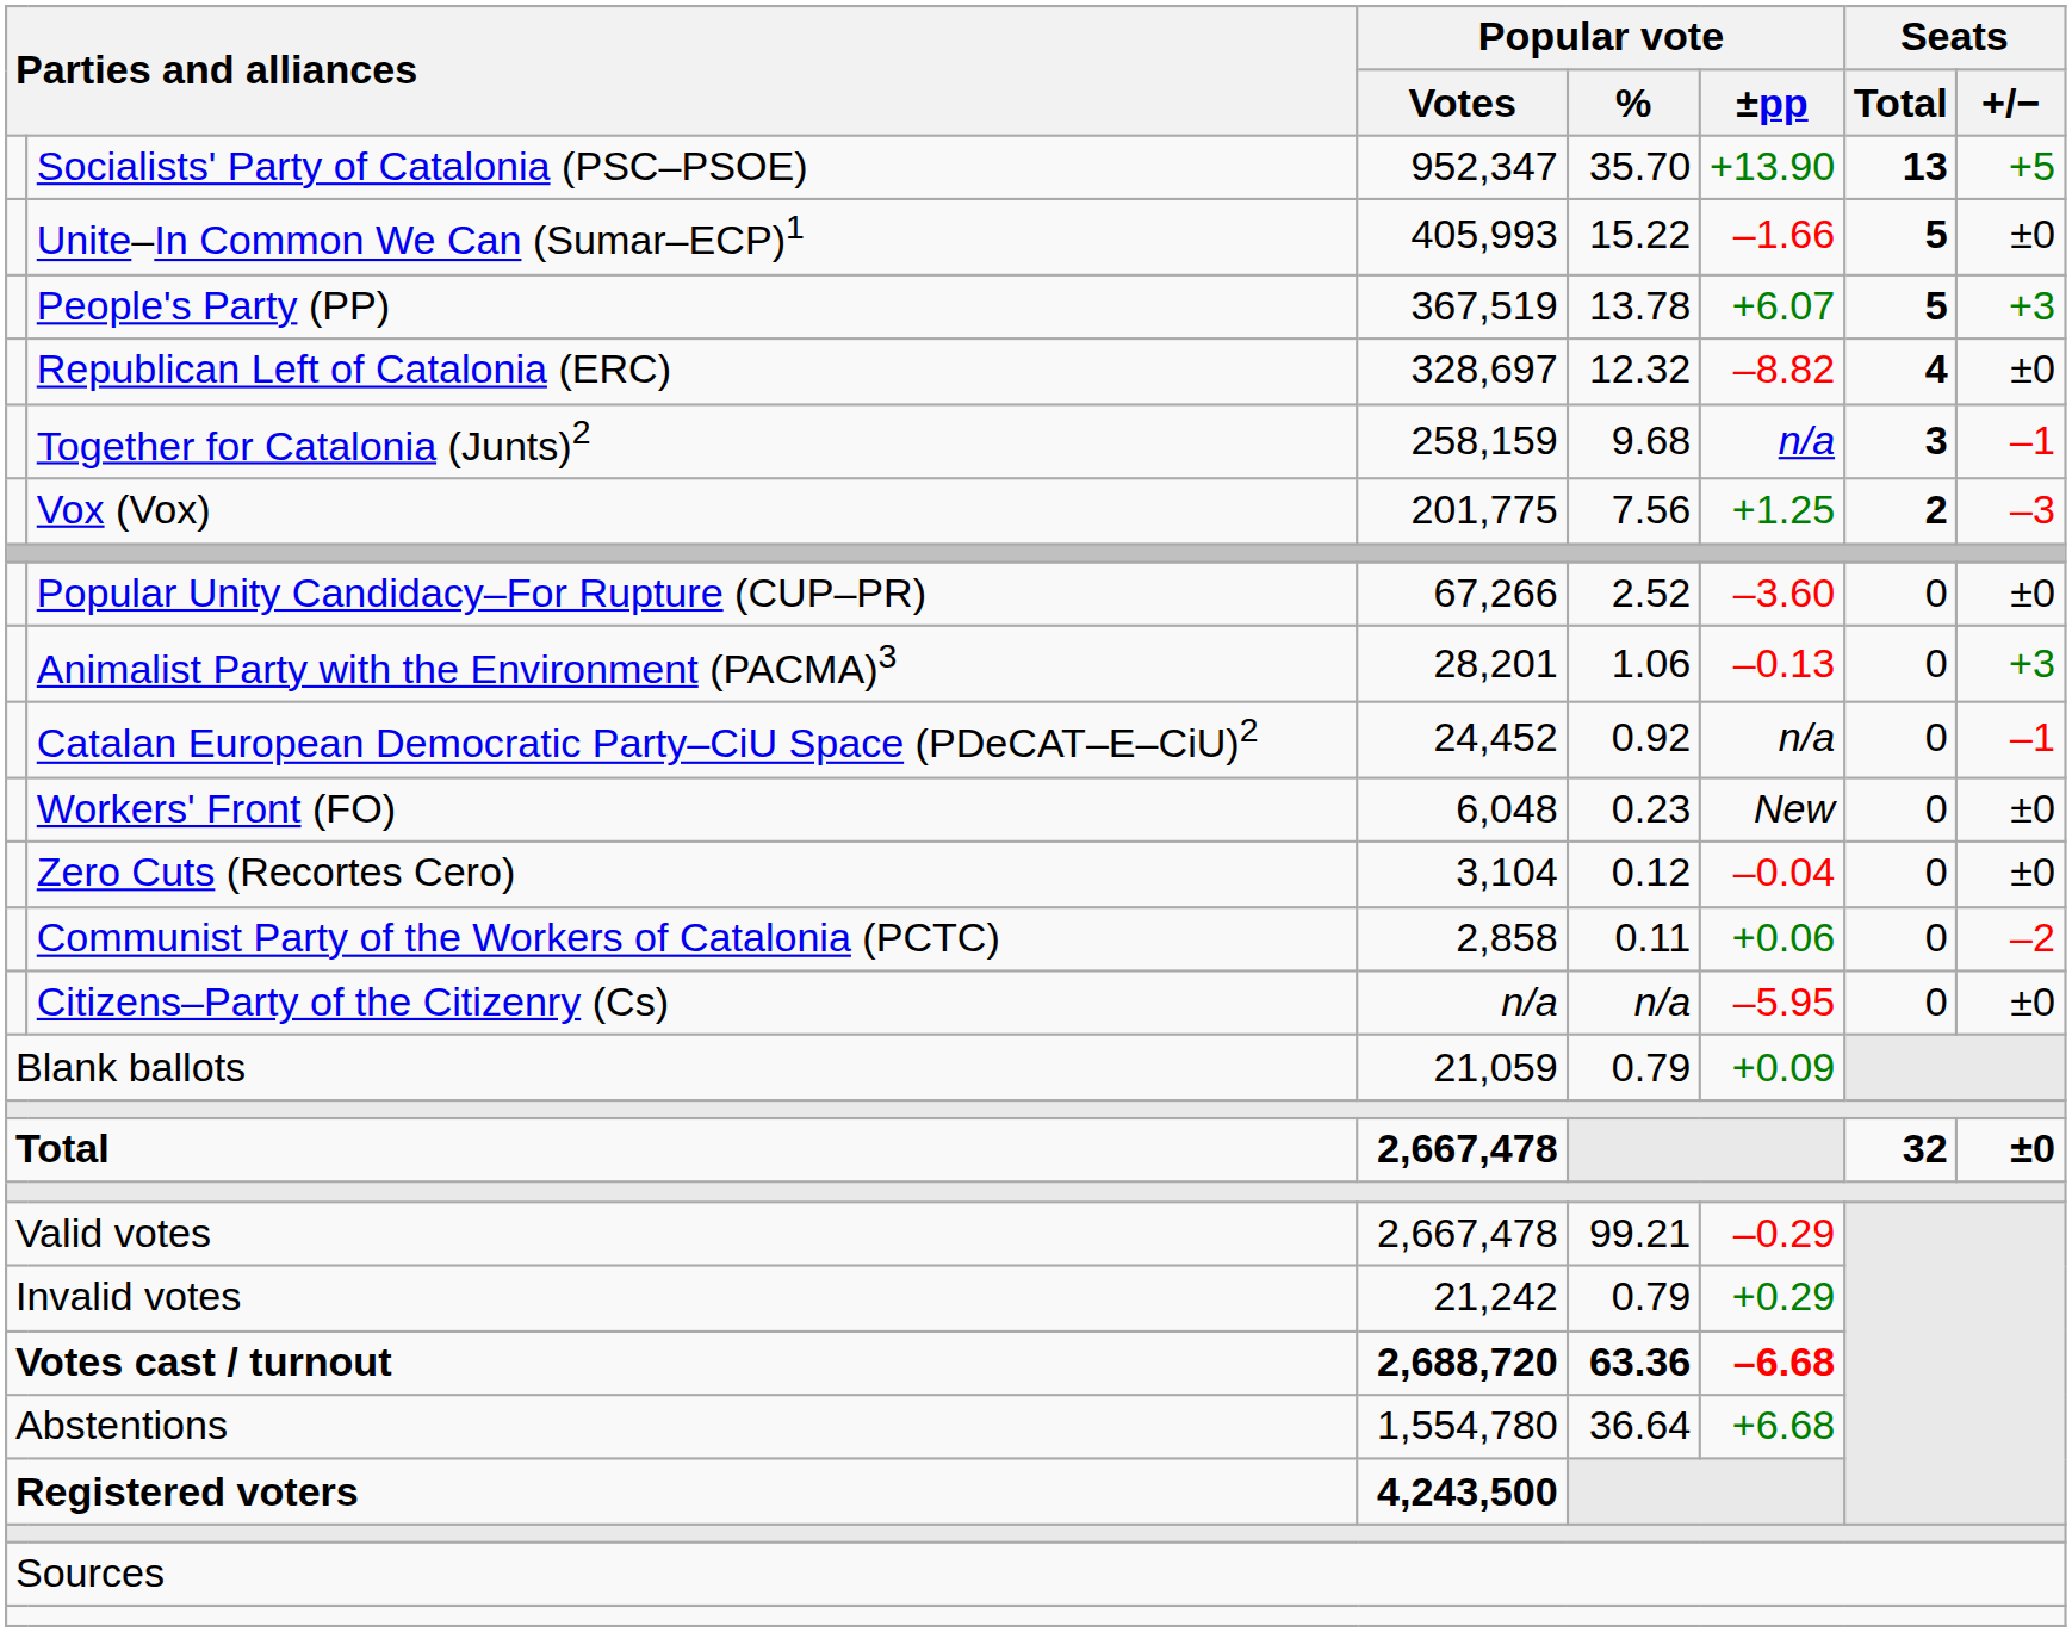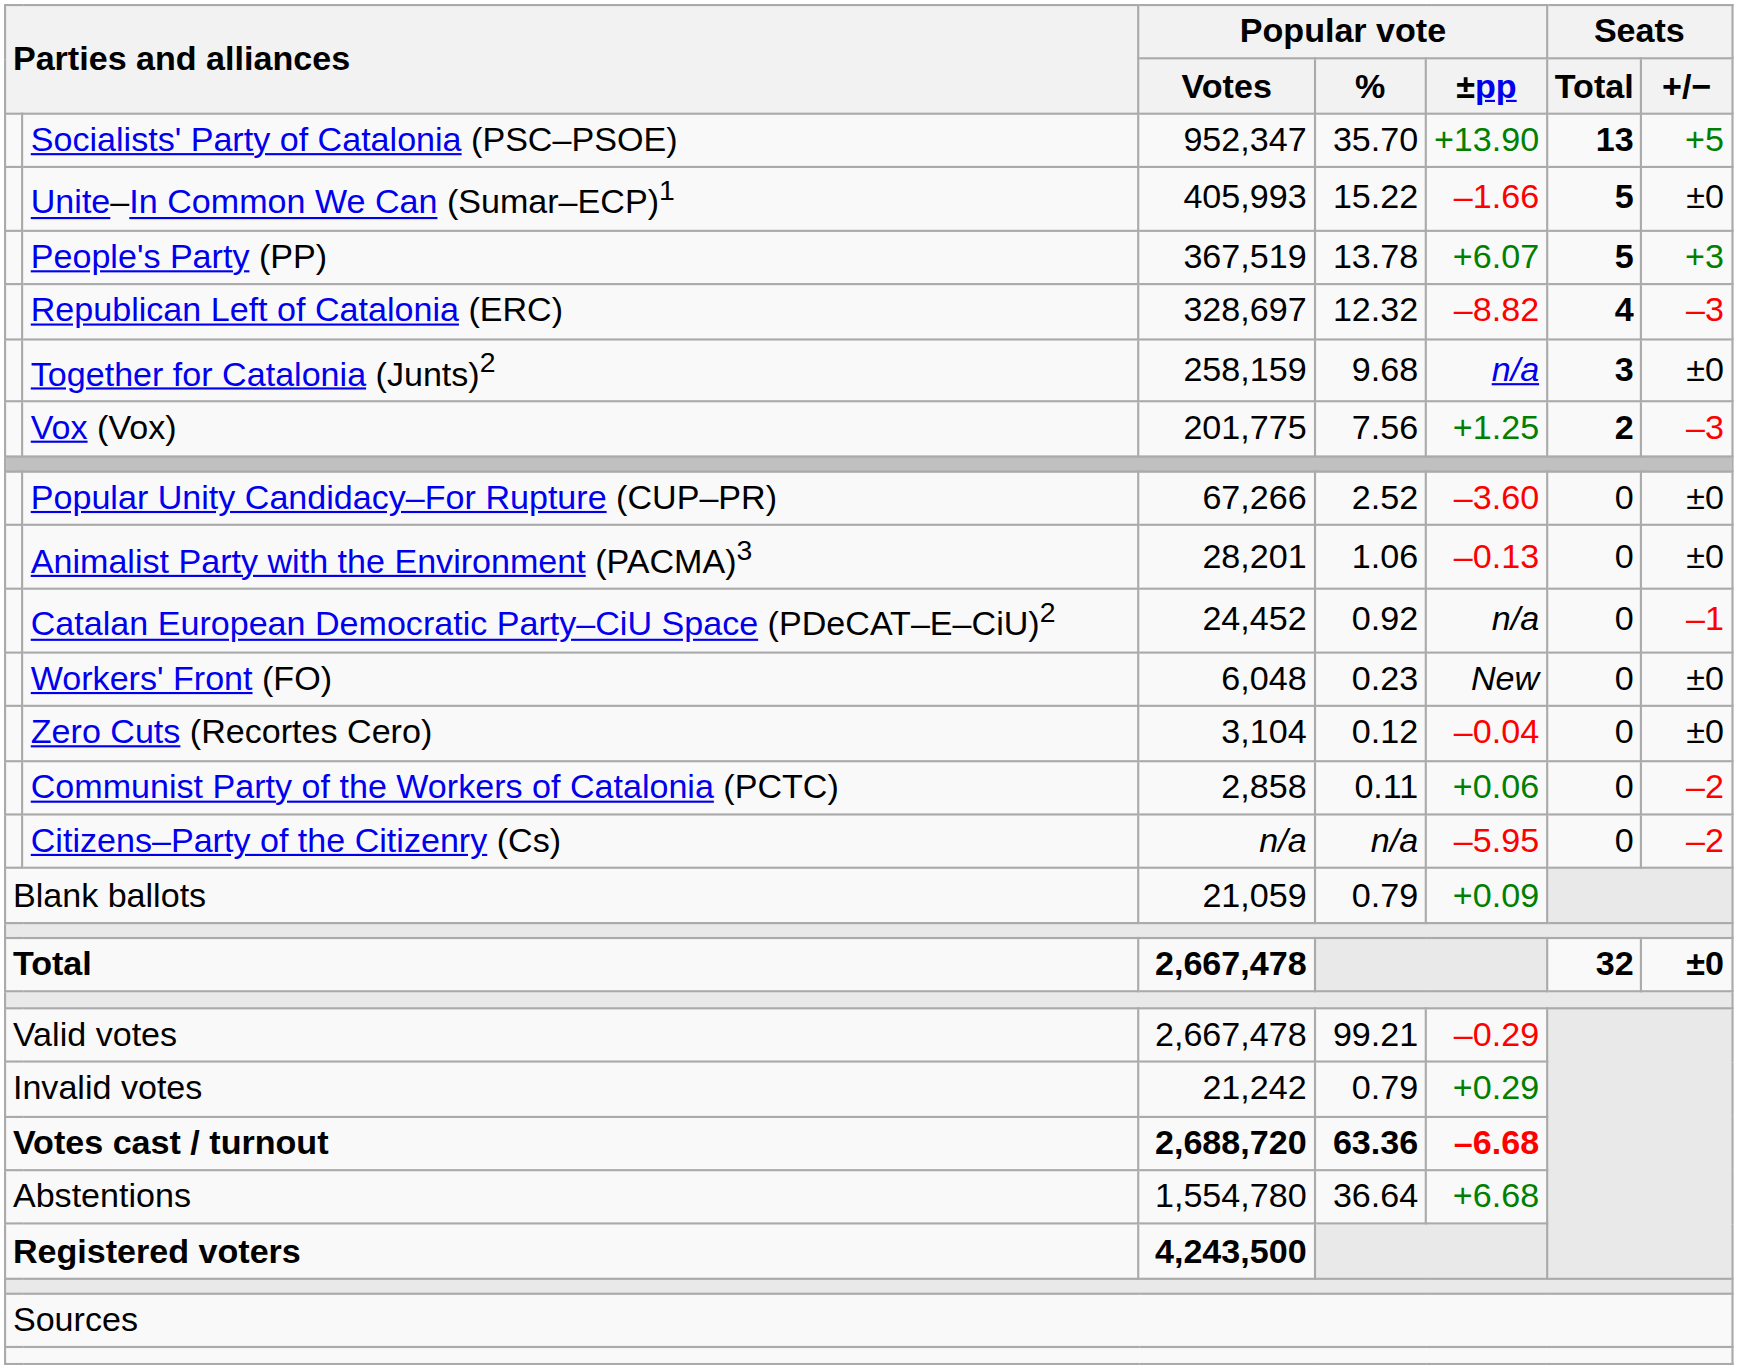 <table class="wikitable" style="text-align:right;">
 <tr>
 <th style="text-align:left;" rowspan="2" colspan="2" width="525">Parties and alliances</th>
 <th colspan="3">Popular vote</th>
 <th colspan="2">Seats</th>
 </tr>
 <tr>
 <th width="75">Votes</th>
 <th width="45">%</th>
 <th width="45">±<a href='#'>pp</a></th>
 <th width="35">Total</th>
 <th width="35">+/−</th>
 </tr>
 <tr>
 <td width="1" style="color:inherit;background:"></td>
 <td align="left"><a href='#'>Socialists' Party of Catalonia</a> (PSC–PSOE)</td>
 <td>952,347</td>
 <td>35.70</td>
 <td style="color:green;">+13.90</td>
 <td><strong>13</strong></td>
 <td style="color:green;">+5</td>
 </tr>
 <tr>
 <td style="color:inherit;background:"></td>
 <td align="left"><a href='#'>Unite</a>–<a href='#'>In Common We Can</a> (Sumar–ECP)<sup>1</sup></td>
 <td>405,993</td>
 <td>15.22</td>
 <td style="color:red;">–1.66</td>
 <td><strong>5</strong></td>
 <td>±0</td>
 </tr>
 <tr>
 <td style="color:inherit;background:"></td>
 <td align="left"><a href='#'>People's Party</a> (PP)</td>
 <td>367,519</td>
 <td>13.78</td>
 <td style="color:green;">+6.07</td>
 <td><strong>5</strong></td>
 <td style="color:green;">+3</td>
 </tr>
 <tr>
 <td style="color:inherit;background:"></td>
 <td align="left"><a href='#'>Republican Left of Catalonia</a> (ERC)</td>
 <td>328,697</td>
 <td>12.32</td>
 <td style="color:red;">–8.82</td>
 <td><strong>4</strong></td>
-<td>±0</td>
+<td style="color:red;">–3</td>
 </tr>
 <tr>
 <td style="color:inherit;background:"></td>
 <td align="left"><a href='#'>Together for Catalonia</a> (Junts)<sup>2</sup></td>
 <td>258,159</td>
 <td>9.68</td>
 <td><em><a href='#'>n/a</a></em></td>
 <td><strong>3</strong></td>
-<td style="color:red;">–1</td>
+<td>±0</td>
 </tr>
 <tr>
 <td style="color:inherit;background:"></td>
 <td align="left"><a href='#'>Vox</a> (Vox)</td>
 <td>201,775</td>
 <td>7.56</td>
 <td style="color:green;">+1.25</td>
 <td><strong>2</strong></td>
 <td style="color:red;">–3</td>
 </tr>
 <tr>
 <td colspan="7" bgcolor="#C0C0C0"></td>
 </tr>
 <tr>
 <td style="color:inherit;background:"></td>
 <td align="left"><a href='#'>Popular Unity Candidacy–For Rupture</a> (CUP–PR)</td>
 <td>67,266</td>
 <td>2.52</td>
 <td style="color:red;">–3.60</td>
 <td>0</td>
 <td>±0</td>
 </tr>
 <tr>
 <td style="color:inherit;background:"></td>
 <td align="left"><a href='#'>Animalist Party with the Environment</a> (PACMA)<sup>3</sup></td>
 <td>28,201</td>
 <td>1.06</td>
 <td style="color:red;">–0.13</td>
 <td>0</td>
-<td style="color:green;">+3</td>
+<td>±0</td>
 </tr>
 <tr>
 <td style="color:inherit;background:"></td>
 <td align="left"><a href='#'>Catalan European Democratic Party–CiU Space</a> (PDeCAT–E–CiU)<sup>2</sup></td>
 <td>24,452</td>
 <td>0.92</td>
 <td><em>n/a</em></td>
 <td>0</td>
 <td style="color:red;">–1</td>
 </tr>
 <tr>
 <td style="color:inherit;background:"></td>
 <td align="left"><a href='#'>Workers' Front</a> (FO)</td>
 <td>6,048</td>
 <td>0.23</td>
 <td><em>New</em></td>
 <td>0</td>
 <td>±0</td>
 </tr>
 <tr>
 <td style="color:inherit;background:"></td>
 <td align="left"><a href='#'>Zero Cuts</a> (Recortes Cero)</td>
 <td>3,104</td>
 <td>0.12</td>
 <td style="color:red;">–0.04</td>
 <td>0</td>
 <td>±0</td>
 </tr>
 <tr>
 <td style="color:inherit;background:"></td>
 <td align="left"><a href='#'>Communist Party of the Workers of Catalonia</a> (PCTC)</td>
 <td>2,858</td>
 <td>0.11</td>
 <td style="color:green;">+0.06</td>
 <td>0</td>
 <td style="color:red;">–2</td>
 </tr>
 <tr>
 <td style="color:inherit;background:"></td>
 <td align="left"><a href='#'>Citizens–Party of the Citizenry</a> (Cs)</td>
 <td><em>n/a</em></td>
 <td><em>n/a</em></td>
 <td style="color:red;">–5.95</td>
 <td>0</td>
-<td>±0</td>
+<td style="color:red;">–2</td>
 </tr>
 <tr>
 <td align="left" colspan="2">Blank ballots</td>
 <td>21,059</td>
 <td>0.79</td>
 <td style="color:green;">+0.09</td>
 <td bgcolor="#E9E9E9" colspan="2"></td>
 </tr>
 <tr>
 <td colspan="7" bgcolor="#E9E9E9"></td>
 </tr>
 <tr style="font-weight:bold;">
 <td align="left" colspan="2">Total</td>
 <td>2,667,478</td>
 <td bgcolor="#E9E9E9" colspan="2"></td>
 <td>32</td>
 <td>±0</td>
 </tr>
 <tr>
 <td colspan="7" bgcolor="#E9E9E9"></td>
 </tr>
 <tr>
 <td align="left" colspan="2">Valid votes</td>
 <td>2,667,478</td>
 <td>99.21</td>
 <td style="color:red;">–0.29</td>
 <td bgcolor="#E9E9E9" colspan="2" rowspan="5"></td>
 </tr>
 <tr>
 <td align="left" colspan="2">Invalid votes</td>
 <td>21,242</td>
 <td>0.79</td>
 <td style="color:green;">+0.29</td>
 </tr>
 <tr style="font-weight:bold;">
 <td align="left" colspan="2">Votes cast / turnout</td>
 <td>2,688,720</td>
 <td>63.36</td>
 <td style="color:red;">–6.68</td>
 </tr>
 <tr>
 <td align="left" colspan="2">Abstentions</td>
 <td>1,554,780</td>
 <td>36.64</td>
 <td style="color:green;">+6.68</td>
 </tr>
 <tr style="font-weight:bold;">
 <td align="left" colspan="2">Registered voters</td>
 <td>4,243,500</td>
 <td bgcolor="#E9E9E9" colspan="2"></td>
 </tr>
 <tr>
 <td colspan="7" bgcolor="#E9E9E9"></td>
 </tr>
 <tr>
 <td align="left" colspan="7">Sources</td>
 </tr>
 <tr>
 <td colspan="7" style="text-align:left; max-width:790px;"></td>
 </tr>
 </table>
